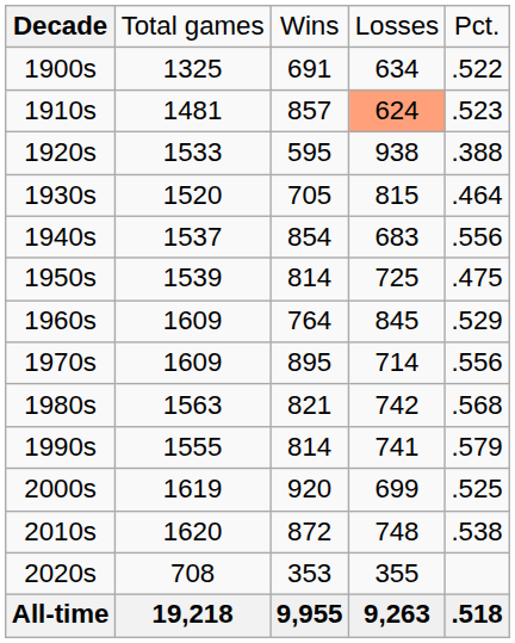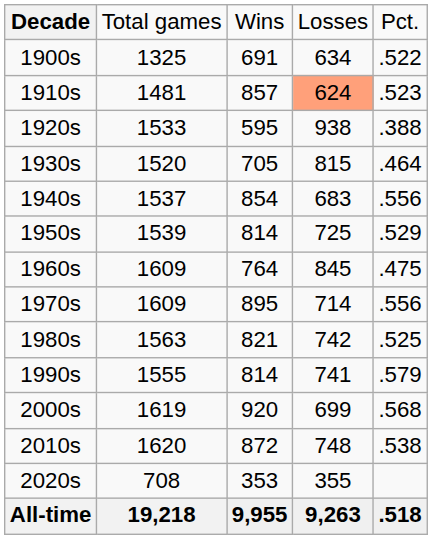 <table class="wikitable" style="text-align:center">
 <tr>
 <th style="text-align:center; ">Decade</th>
 <td style="text-align:center; ">Total games</td>
 <td style="text-align:center; ">Wins</td>
 <td style="text-align:center; ">Losses</td>
 <td style="text-align:center; ">Pct.</td>
 </tr>
 <tr>
 <td>1900s</td>
 <td>1325</td>
 <td>691</td>
 <td>634</td>
 <td>.522</td>
 </tr>
 <tr>
 <td>1910s</td>
 <td>1481</td>
 <td>857</td>
 <td style="background: lightsalmon;">624</td>
 <td>.523</td>
 </tr>
 <tr>
 <td>1920s</td>
 <td>1533</td>
 <td>595</td>
 <td>938</td>
 <td>.388</td>
 </tr>
 <tr>
 <td>1930s</td>
 <td>1520</td>
 <td>705</td>
 <td>815</td>
 <td>.464</td>
 </tr>
 <tr>
 <td>1940s</td>
 <td>1537</td>
 <td>854</td>
 <td>683</td>
 <td>.556</td>
 </tr>
 <tr>
 <td>1950s</td>
 <td>1539</td>
 <td>814</td>
 <td>725</td>
-<td>.475</td>
+<td>.529</td>
 </tr>
 <tr>
 <td>1960s</td>
 <td>1609</td>
 <td>764</td>
 <td>845</td>
-<td>.529</td>
+<td>.475</td>
 </tr>
 <tr>
 <td>1970s</td>
 <td>1609</td>
 <td>895</td>
 <td>714</td>
 <td>.556</td>
 </tr>
 <tr>
 <td>1980s</td>
 <td>1563</td>
 <td>821</td>
 <td>742</td>
-<td>.568</td>
+<td>.525</td>
 </tr>
 <tr>
 <td>1990s</td>
 <td>1555</td>
 <td>814</td>
 <td>741</td>
 <td>.579</td>
 </tr>
 <tr>
 <td>2000s</td>
 <td>1619</td>
 <td>920</td>
 <td>699</td>
-<td>.525</td>
+<td>.568</td>
 </tr>
 <tr>
 <td>2010s</td>
 <td>1620</td>
 <td>872</td>
 <td>748</td>
 <td>.538</td>
 </tr>
 <tr>
 <td>2020s</td>
 <td>708</td>
 <td>353</td>
 <td>355</td>
 <td></td>
 </tr>
 <tr style="background:#f0f0f0; font-weight:bold">
 <th style="text-align:center; ">All-time</th>
 <th style="text-align:center; ">19,218</th>
 <td style="text-align:center; ">9,955</td>
 <td style="text-align:center; ">9,263</td>
 <td style="text-align:center; ">.518</td>
 </tr>
 </table>
